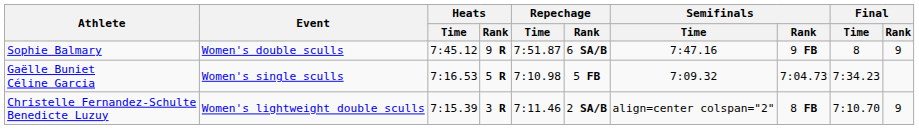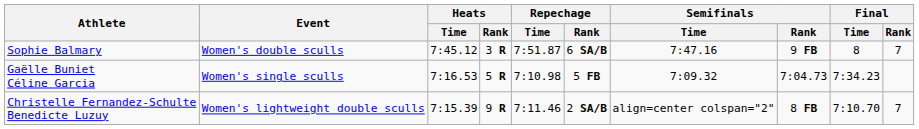 <table class="wikitable" style="font-size:90%;">
 <tr>
 <th rowspan="2">Athlete</th>
 <th rowspan="2">Event</th>
 <th colspan="2">Heats</th>
 <th colspan="2">Repechage</th>
 <th colspan="2">Semifinals</th>
 <th colspan="2">Final</th>
 </tr>
 <tr style="font-size:95%">
 <th>Time</th>
 <th>Rank</th>
 <th>Time</th>
 <th>Rank</th>
 <th>Time</th>
 <th>Rank</th>
 <th>Time</th>
 <th>Rank</th>
 </tr>
 <tr>
 <td align=left><a href='#'>Sophie Balmary</a></td>
 <td align=left><a href='#'>Women's double sculls</a></td>
 <td align=center>7:45.12</td>
-<td align=center>9 <strong>R</strong></td>
+<td align=center>3 <strong>R</strong></td>
 <td align=center>7:51.87</td>
 <td align=center>6 <strong>SA/B</strong></td>
 <td align=center>7:47.16</td>
 <td align=center>9 <strong>FB</strong></td>
 <td align=center>8</td>
-<td align=center>9</td>
+<td align=center>7</td>
 </tr>
 <tr>
 <td align=left><a href='#'>Gaëlle Buniet</a><br> <a href='#'>Céline Garcia</a></td>
 <td align=left><a href='#'>Women's single sculls</a></td>
 <td align=center>7:16.53</td>
 <td align=center>5 <strong>R</strong></td>
 <td align=center>7:10.98</td>
 <td align=center>5 <strong>FB</strong></td>
 <td align=center>7:09.32</td>
 <td align=center>7:04.73</td>
 <td align=center>7:34.23</td>
 </tr>
 <tr>
 <td align=left><a href='#'>Christelle Fernandez-Schulte</a><br> <a href='#'>Benedicte Luzuy</a></td>
 <td align=left><a href='#'>Women's lightweight double sculls</a></td>
 <td align=center>7:15.39</td>
-<td align=center>3 <strong>R</strong></td>
+<td align=center>9 <strong>R</strong></td>
 <td align=center>7:11.46</td>
 <td align=center>2 <strong>SA/B</strong></td>
 <td>align=center colspan="2" </td>
 <td align=center>8 <strong>FB</strong></td>
 <td align=center>7:10.70</td>
-<td align=center>9</td>
+<td align=center>7</td>
 </tr>
 </table>
